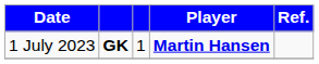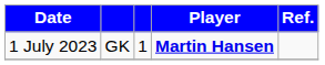 <table class="wikitable plainrowheaders sortable">
 <tr>
 <th style="background:#0000ff; color:white;"><strong>Date</strong></th>
 <th style="background:#0000ff; color:white;"></th>
 <th style="background:#0000ff; color:white;"></th>
 <th style="background:#0000ff; color:white;" scope="col"><strong> Player</strong></th>
 <th style="background:#0000ff; color:white;"><strong>Ref.</strong></th>
 </tr>
 <tr>
 <td>1 July 2023</td>
-<td style="text-align:center;"><strong>GK</strong></td>
+<td style="text-align:center;">GK</td>
 <td style="text-align:center;">1</td>
 <td><strong> <a href='#'>Martin Hansen</a></strong></td>
 <td></td>
 </tr>
 <tr>
 </tr>
 </table>
